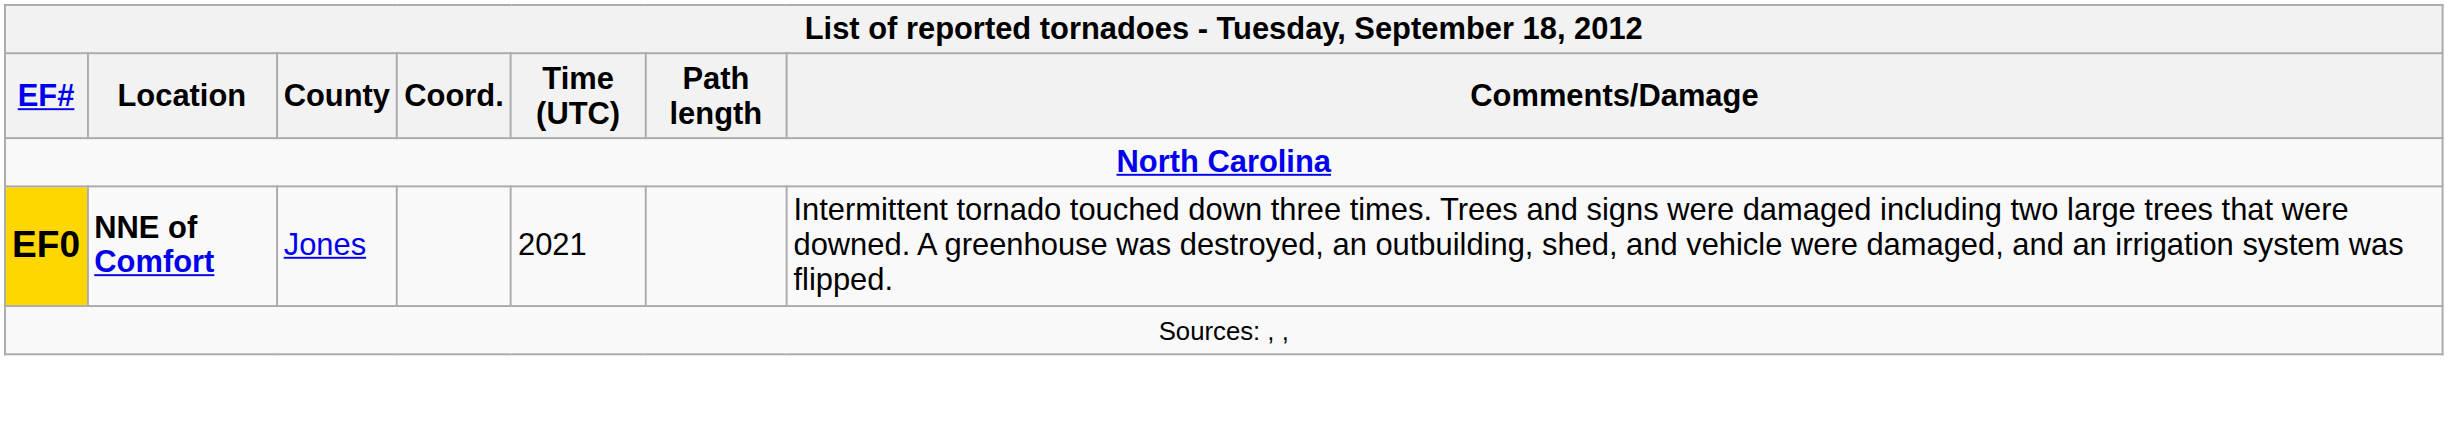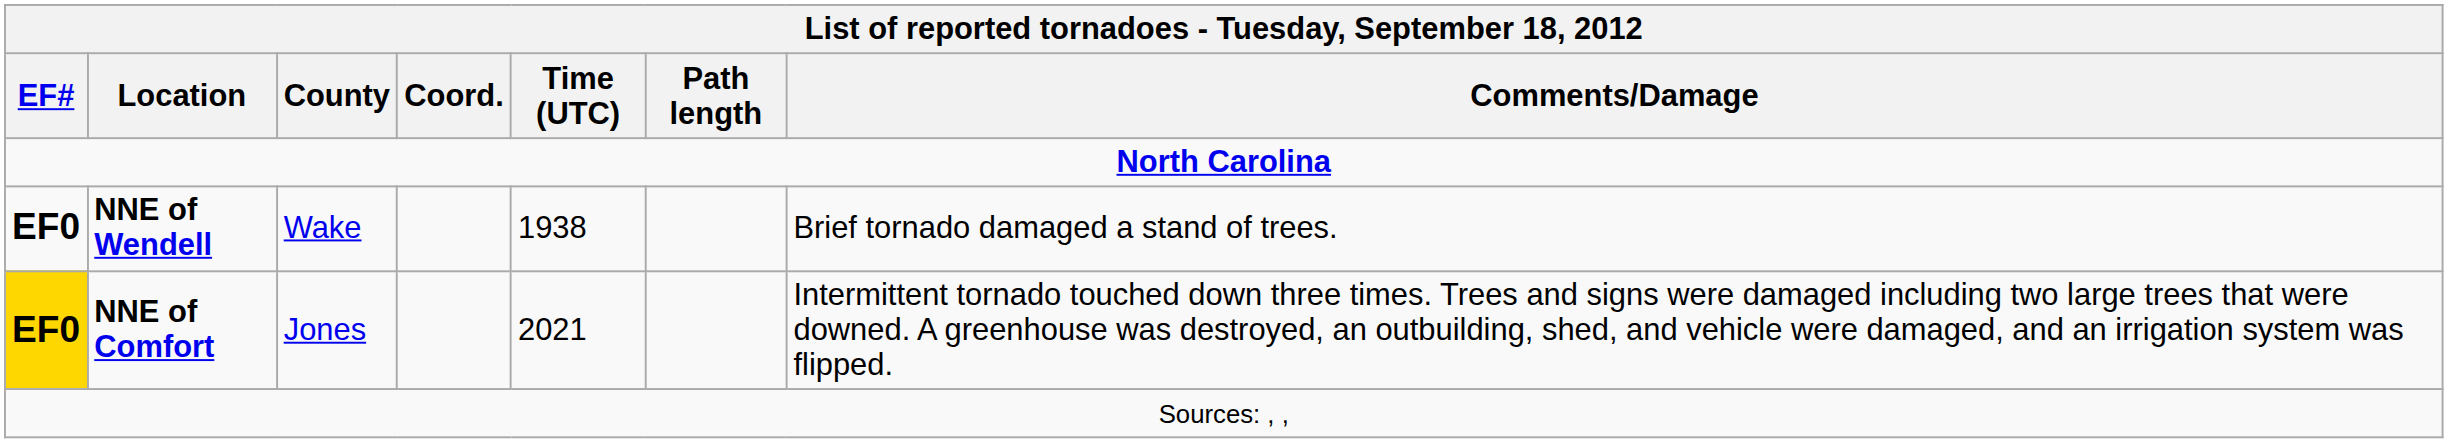 <table class="wikitable collapsible" width="100%">
 <tr>
 <th colspan="7">List of reported tornadoes - Tuesday, September 18, 2012</th>
 </tr>
 <tr>
 <th><a href='#'>EF#</a></th>
 <th>Location</th>
 <th>County</th>
 <th>Coord.</th>
 <th>Time (UTC)</th>
 <th>Path length</th>
 <th>Comments/Damage</th>
 </tr>
 <tr>
 <td colspan="7" align=center><strong><a href='#'>North Carolina</a></strong></td>
 </tr>
 <tr>
+<td><big><strong>EF0</strong></big></td>
+<td><strong>NNE of <a href='#'>Wendell</a></strong></td>
+<td><a href='#'>Wake</a></td>
+<td></td>
+<td>1938</td>
+<td></td>
+<td>Brief tornado damaged a stand of trees.</td>
+</tr>
+<tr>
 <td style="background: gold;"><big><strong>EF0</strong></big></td>
 <td><strong>NNE of <a href='#'>Comfort</a></strong></td>
 <td><a href='#'>Jones</a></td>
 <td></td>
 <td>2021</td>
 <td></td>
 <td>Intermittent tornado touched down three times. Trees and signs were damaged including two large trees that were downed. A greenhouse was destroyed, an outbuilding, shed, and vehicle were damaged, and an irrigation system was flipped.</td>
 </tr>
 <tr>
 <td colspan="7" align=center><small>Sources: , , </small></td>
 </tr>
 </table>
